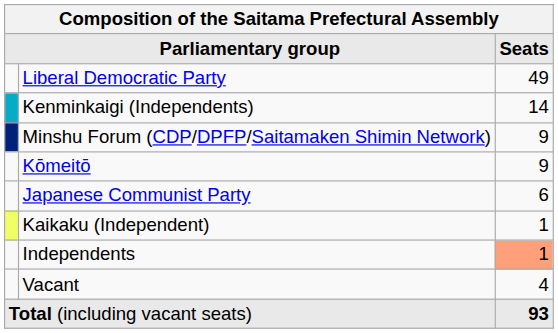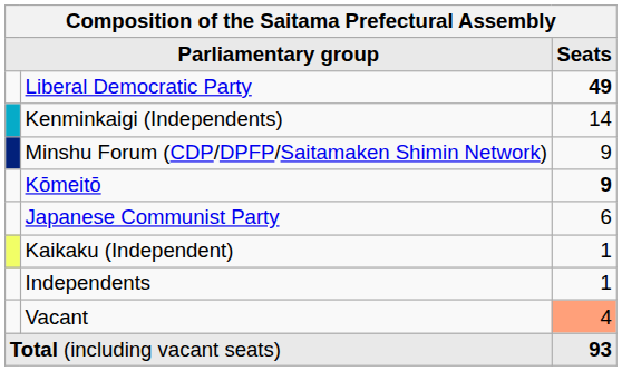 <table class="wikitable">
 <tr>
 <th colspan="3">Composition of the Saitama Prefectural Assembly</th>
 </tr>
 <tr>
 <th colspan="2" style="background-color:#E9E9E9" align=left>Parliamentary group</th>
 <th style="background-color:#E9E9E9" align=right>Seats</th>
 </tr>
 <tr>
 <td style="background:"></td>
 <td align=left><a href='#'>Liberal Democratic Party</a></td>
-<td align="right">49</td>
+<td align="right"><strong>49</strong></td>
 </tr>
 <tr>
 <td style="background:#06ABC8;"></td>
 <td align=left>Kenminkaigi (Independents)</td>
 <td align="right">14</td>
 </tr>
 <tr>
 <td style="background:#02217b;"></td>
 <td align=left>Minshu Forum (<a href='#'>CDP</a>/<a href='#'>DPFP</a>/<a href='#'>Saitamaken Shimin Network</a>)</td>
 <td align="right">9</td>
 </tr>
 <tr>
 <td style="background:"></td>
 <td align=left><a href='#'>Kōmeitō</a></td>
-<td align="right">9</td>
+<td align="right"><strong>9</strong></td>
 </tr>
 <tr>
 <td style="background:"></td>
 <td align=left><a href='#'>Japanese Communist Party</a></td>
 <td align="right">6</td>
 </tr>
 <tr>
 <td style="background:#F1FE66;"></td>
 <td align=left>Kaikaku (Independent)</td>
 <td align="right">1</td>
 </tr>
 <tr>
 <td> </td>
 <td align=left>Independents</td>
-<td align="right" style="background: lightsalmon;">1</td>
+<td align="right">1</td>
 </tr>
 <tr>
 <td> </td>
 <td align=left>Vacant</td>
-<td align="right">4</td>
+<td align="right" style="background: lightsalmon;">4</td>
 </tr>
 <tr>
 <td colspan="2" align=left style="background-color:#E9E9E9" align=left><strong>Total</strong> (including vacant seats)</td>
 <td style="background-color:#E9E9E9" align=right><strong>93</strong></td>
 </tr>
 </table>
